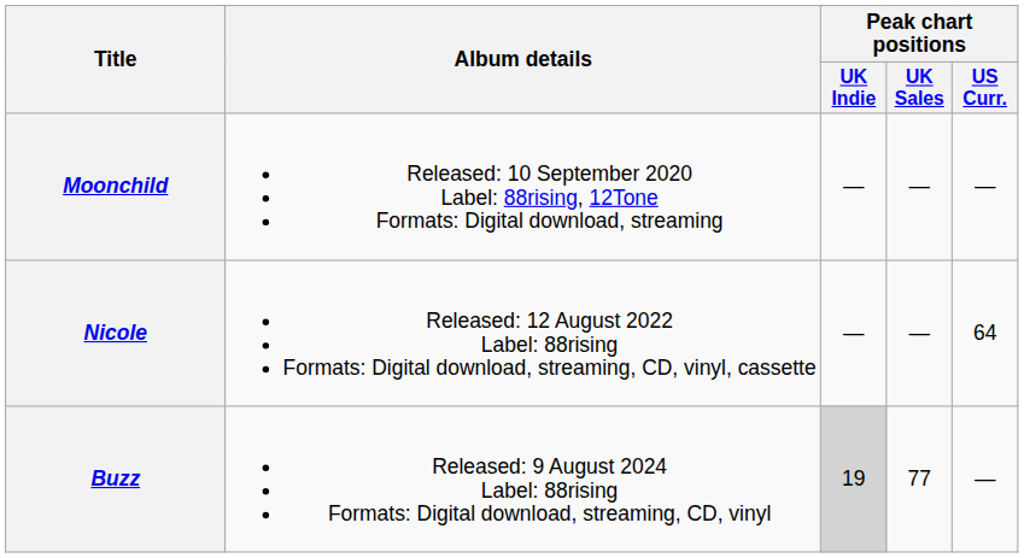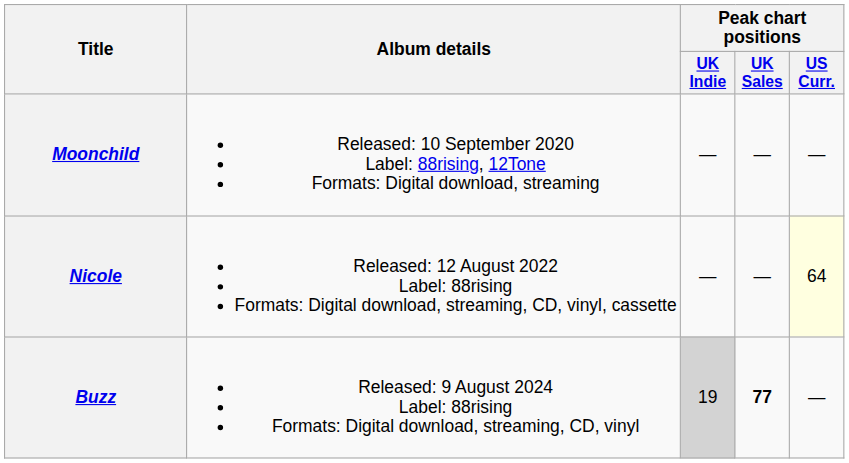 <table class="wikitable plainrowheaders" style="text-align:center;">
 <tr>
 <th rowspan="2" scope="col">Title</th>
 <th rowspan="2" scope="col">Album details</th>
 <th colspan="3">Peak chart positions</th>
 </tr>
 <tr>
 <th scope="col" style="width:3em;font-size:90%;"><a href='#'>UK Indie</a><br></th>
 <th scope="col" style="width:3em;font-size:90%;"><a href='#'>UK Sales</a><br></th>
 <th scope="col" style="width:3em;font-size:90%;"><a href='#'>US Curr.</a><br></th>
 </tr>
 <tr>
 <th scope="row" style="width:10em;"><em><a href='#'>Moonchild</a></em></th>
 <td><br><ul><li>Released: 10 September 2020</li><li>Label: <a href='#'>88rising</a>, <a href='#'>12Tone</a></li><li>Formats: Digital download, streaming</li></ul></td>
 <td>—</td>
 <td>—</td>
 <td>—</td>
 </tr>
 <tr>
 <th scope="row" style="width:10em;"><em><a href='#'>Nicole</a></em></th>
 <td><br><ul><li>Released: 12 August 2022</li><li>Label: 88rising</li><li>Formats: Digital download, streaming, CD, vinyl, cassette</li></ul></td>
 <td>—</td>
 <td>—</td>
-<td>64</td>
+<td style="background: lightyellow;">64</td>
 </tr>
 <tr>
 <th scope="row" style="width:10em;"><em><a href='#'>Buzz</a></em></th>
 <td><br><ul><li>Released: 9 August 2024</li><li>Label: 88rising</li><li>Formats: Digital download, streaming, CD, vinyl</li></ul></td>
 <td style="background: lightgrey;">19</td>
-<td>77</td>
+<td><strong>77</strong></td>
 <td>—</td>
 </tr>
 </table>
